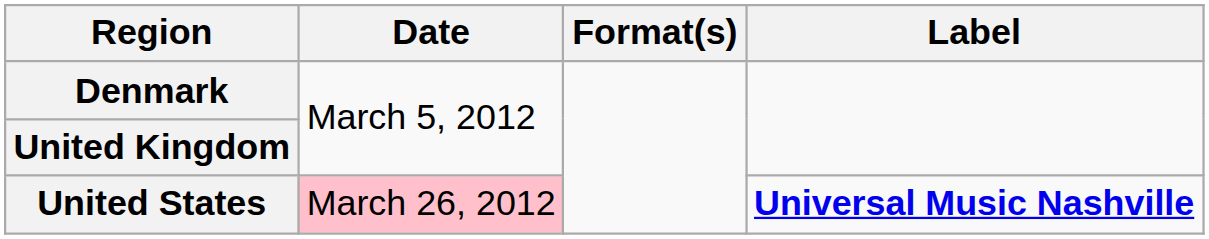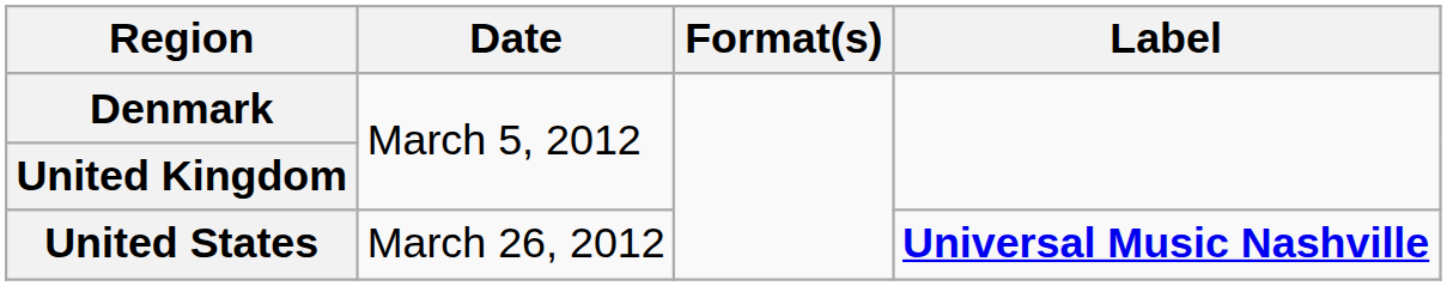 <table class="wikitable plainrowheaders">
 <tr>
 <th scope="col">Region</th>
 <th scope="col">Date</th>
 <th scope="col">Format(s)</th>
 <th scope="col">Label</th>
 </tr>
 <tr>
 <th scope="row">Denmark</th>
 <td rowspan="2">March 5, 2012</td>
 <td rowspan="3"></td>
 <td rowspan="2"></td>
 </tr>
 <tr>
 <th scope="row">United Kingdom</th>
 </tr>
 <tr>
 <th scope="row">United States</th>
-<td style="background: pink;">March 26, 2012</td>
+<td>March 26, 2012</td>
 <td><strong><a href='#'>Universal Music Nashville</a></strong></td>
 </tr>
 </table>
